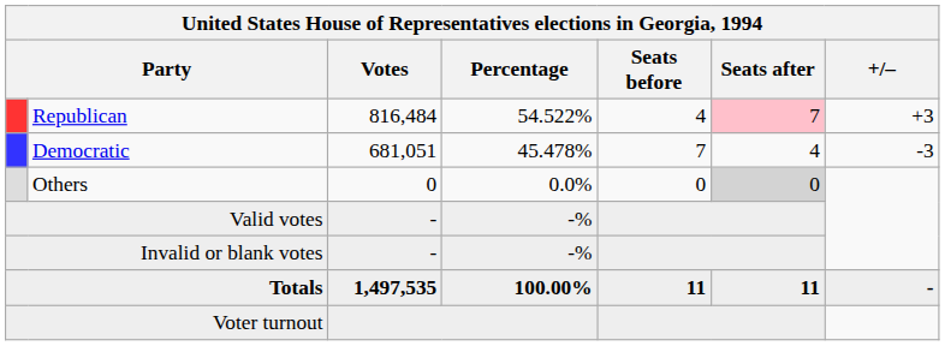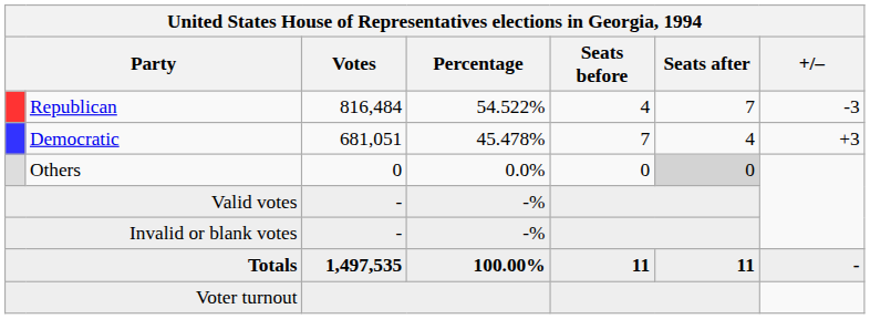 <table class="wikitable" style="font-size: 95%;">
 <tr>
 <th colspan="7">United States House of Representatives elections in Georgia, 1994</th>
 </tr>
 <tr>
 <th colspan=2 style="width: 15em">Party</th>
 <th style="width: 5em">Votes</th>
 <th style="width: 7em">Percentage</th>
 <th style="width: 5em">Seats before</th>
 <th style="width: 5em">Seats after</th>
 <th style="width: 5em">+/–</th>
 </tr>
 <tr>
 <th style="background-color:#FF3333; width: 3px"></th>
 <td style="width: 130px"><a href='#'>Republican</a></td>
 <td align="right">816,484</td>
 <td align="right">54.522%</td>
 <td align="right">4</td>
-<td align="right" style="background: pink;">7</td>
-<td align="right">+3</td>
+<td align="right">7</td>
+<td align="right">-3</td>
 </tr>
 <tr>
 <th style="background-color:#3333FF; width: 3px"></th>
 <td style="width: 130px"><a href='#'>Democratic</a></td>
 <td align="right">681,051</td>
 <td align="right">45.478%</td>
 <td align="right">7</td>
 <td align="right">4</td>
-<td align="right">-3</td>
+<td align="right">+3</td>
 </tr>
 <tr>
 <th style="background-color:#DDDDDD; width: 3px"></th>
 <td style="width: 130px">Others</td>
 <td align="right">0</td>
 <td align="right">0.0%</td>
 <td align="right">0</td>
 <td align="right" style="background: lightgrey;">0</td>
 </tr>
 <tr bgcolor="#EEEEEE">
 <td colspan="2" align="right">Valid votes</td>
 <td align="right">-</td>
 <td align="right">-%</td>
 <td colspan="2" align="right"></td>
 </tr>
 <tr bgcolor="#EEEEEE">
 <td colspan="2" align="right">Invalid or blank votes</td>
 <td align="right">-</td>
 <td align="right">-%</td>
 <td colspan="2" align="right"></td>
 </tr>
 <tr bgcolor="#EEEEEE">
 <td colspan="2" align="right"><strong>Totals</strong></td>
 <td align="right"><strong>1,497,535</strong></td>
 <td align="right"><strong>100.00%</strong></td>
 <td align="right"><strong>11</strong></td>
 <td align="right"><strong>11</strong></td>
 <td align="right"><strong>-</strong></td>
 </tr>
 <tr bgcolor="#EEEEEE">
 <td colspan="2" align="right">Voter turnout</td>
 <td colspan="2" align="right"></td>
 <td colspan="2" align="right"></td>
 </tr>
 </table>
